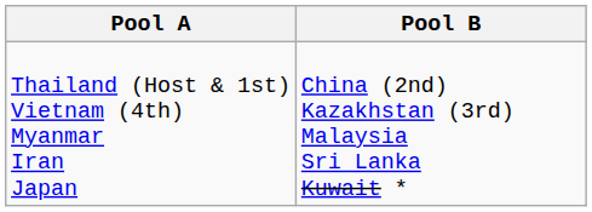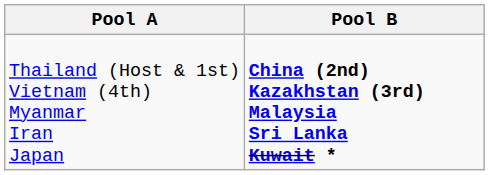 <table class="wikitable">
 <tr>
 <th width=50%>Pool A</th>
 <th width=50%>Pool B</th>
 </tr>
 <tr>
 <td><br> <a href='#'>Thailand</a> (Host & 1st)<br>  <a href='#'>Vietnam</a> (4th)<br>  <a href='#'>Myanmar</a><br>  <a href='#'>Iran</a><br>  <a href='#'>Japan</a></td>
-<td><br> <a href='#'>China</a> (2nd)<br>  <a href='#'>Kazakhstan</a> (3rd)<br>  <a href='#'>Malaysia</a><br>  <a href='#'>Sri Lanka</a><br> <s> <a href='#'>Kuwait</a></s> *</td>
+<td><strong><br> <a href='#'>China</a> (2nd)<br>  <a href='#'>Kazakhstan</a> (3rd)<br>  <a href='#'>Malaysia</a><br>  <a href='#'>Sri Lanka</a><br> <s> <a href='#'>Kuwait</a></s> *</strong></td>
 </tr>
 </table>
